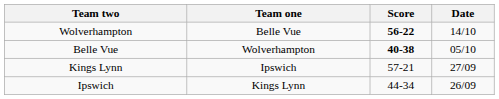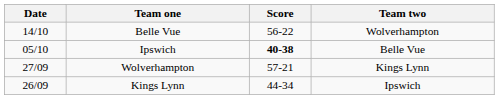 <table class="wikitable" style="text-align: center">
 <tr>
-<th width=250>Team two</th>
+<th width=80>Date</th>
 <th width=250>Team one</th>
 <th width=80>Score</th>
-<th width=80>Date</th>
+<th width=250>Team two</th>
 </tr>
 <tr>
+<td>14/10</td>
+<td>Belle Vue</td>
+<td>56-22</td>
 <td>Wolverhampton</td>
-<td>Belle Vue</td>
-<td><strong>56-22</strong></td>
-<td>14/10</td>
 </tr>
 <tr>
+<td>05/10</td>
+<td>Ipswich</td>
+<td><strong>40-38</strong></td>
 <td>Belle Vue</td>
-<td>Wolverhampton</td>
-<td><strong>40-38</strong></td>
-<td>05/10</td>
 </tr>
 <tr>
+<td>27/09</td>
+<td>Wolverhampton</td>
+<td>57-21</td>
 <td>Kings Lynn</td>
-<td>Ipswich</td>
-<td>57-21</td>
-<td>27/09</td>
 </tr>
 <tr>
-<td>Ipswich</td>
+<td>26/09</td>
 <td>Kings Lynn</td>
 <td>44-34</td>
-<td>26/09</td>
+<td>Ipswich</td>
 </tr>
 </table>
